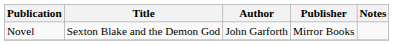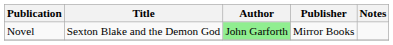 <table class="wikitable">
 <tr>
 <th>Publication</th>
 <th>Title</th>
 <th>Author</th>
 <th>Publisher</th>
 <th>Notes</th>
 </tr>
 <tr>
 <td>Novel</td>
 <td>Sexton Blake and the Demon God</td>
-<td>John Garforth</td>
+<td style="background: lightgreen;">John Garforth</td>
 <td>Mirror Books</td>
 <td></td>
 </tr>
 <tr>
 </tr>
 </table>
